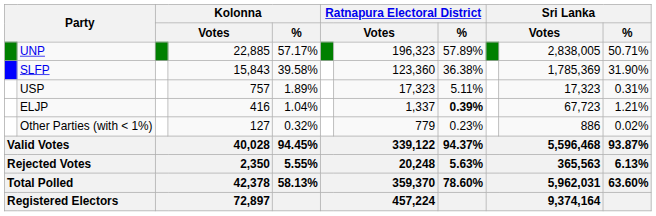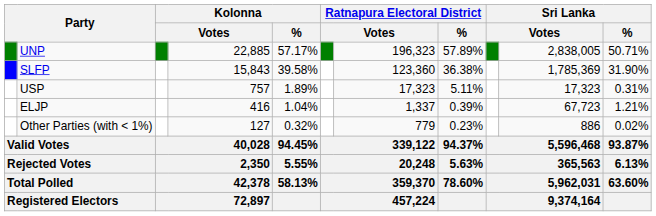 <table class="wikitable">
 <tr>
 <th colspan="2" width="144px"rowspan="2">Party</th>
 <th colspan="3" width="216px">Kolonna</th>
 <th colspan="3" width="216px"><a href='#'>Ratnapura Electoral District</a></th>
 <th colspan="3" width="216px">Sri Lanka</th>
 </tr>
 <tr>
 <th colspan="2" width="144px">Votes</th>
 <th>%</th>
 <th colspan="2" width="144px">Votes</th>
 <th>%</th>
 <th colspan="2" width="144px">Votes</th>
 <th>%</th>
 </tr>
 <tr>
 <td style="background-color:green;" width="10px"></td>
 <td style="text-align:left;"><a href='#'>UNP</a></td>
 <td style="background-color:green;" width="10px"></td>
 <td style="text-align:right;">22,885</td>
 <td style="text-align:right;">57.17%</td>
 <td style="background-color:green;" width="10px"></td>
 <td style="text-align:right;">196,323</td>
 <td style="text-align:right;">57.89%</td>
 <td style="background-color:green;" width="10px"></td>
 <td style="text-align:right;">2,838,005</td>
 <td style="text-align:right;">50.71%</td>
 </tr>
 <tr>
 <td style="background-color:blue;" width="10px"></td>
 <td style="text-align:left;"><a href='#'>SLFP</a></td>
 <td style="background-color:white;" width="10px"></td>
 <td style="text-align:right;">15,843</td>
 <td style="text-align:right;">39.58%</td>
 <td style="background-color:white;" width="10px"></td>
 <td style="text-align:right;">123,360</td>
 <td style="text-align:right;">36.38%</td>
 <td style="background-color:white;" width="10px"></td>
 <td style="text-align:right;">1,785,369</td>
 <td style="text-align:right;">31.90%</td>
 </tr>
 <tr>
 <td style="background-color:white;" width="10px"></td>
 <td style="text-align:left;">USP</td>
 <td style="background-color:white;" width="10px"></td>
 <td style="text-align:right;">757</td>
 <td style="text-align:right;">1.89%</td>
 <td style="background-color:white;" width="10px"></td>
 <td style="text-align:right;">17,323</td>
 <td style="text-align:right;">5.11%</td>
 <td style="background-color:white;" width="10px"></td>
 <td style="text-align:right;">17,323</td>
 <td style="text-align:right;">0.31%</td>
 </tr>
 <tr>
 <td style="background-color:white;" width="10px"></td>
 <td style="text-align:left;">ELJP</td>
 <td style="background-color:white;" width="10px"></td>
 <td style="text-align:right;">416</td>
 <td style="text-align:right;">1.04%</td>
 <td style="background-color:white;" width="10px"></td>
 <td style="text-align:right;">1,337</td>
-<td style="text-align:right;"><strong>0.39%</strong></td>
+<td style="text-align:right;">0.39%</td>
 <td style="background-color:white;" width="10px"></td>
 <td style="text-align:right;">67,723</td>
 <td style="text-align:right;">1.21%</td>
 </tr>
 <tr>
 <td style="background-color:white;" width="10px"></td>
 <td style="text-align:left;">Other Parties (with < 1%)</td>
 <td style="background-color:white;" width="10px"></td>
 <td style="text-align:right;">127</td>
 <td style="text-align:right;">0.32%</td>
 <td style="background-color:white;" width="10px"></td>
 <td style="text-align:right;">779</td>
 <td style="text-align:right;">0.23%</td>
 <td style="background-color:white;" width="10px"></td>
 <td style="text-align:right;">886</td>
 <td style="text-align:right;">0.02%</td>
 </tr>
 <tr>
 <th colspan="2" width="144px"style="text-align:left;">Valid Votes</th>
 <th style="text-align:right;"colspan="2" width="144px">40,028</th>
 <th style="text-align:right;">94.45%</th>
 <th style="text-align:right;"colspan="2" width="144px">339,122</th>
 <th style="text-align:right;">94.37%</th>
 <th style="text-align:right;"colspan="2" width="144px">5,596,468</th>
 <th style="text-align:right;">93.87%</th>
 </tr>
 <tr>
 <th colspan="2" width="144px"style="text-align:left;">Rejected Votes</th>
 <th style="text-align:right;"colspan="2" width="144px">2,350</th>
 <th style="text-align:right;">5.55%</th>
 <th style="text-align:right;"colspan="2" width="144px">20,248</th>
 <th style="text-align:right;">5.63%</th>
 <th style="text-align:right;"colspan="2" width="144px">365,563</th>
 <th style="text-align:right;">6.13%</th>
 </tr>
 <tr>
 <th colspan="2" width="144px"style="text-align:left;">Total Polled</th>
 <th style="text-align:right;"colspan="2" width="144px">42,378</th>
 <th style="text-align:right;">58.13%</th>
 <th style="text-align:right;"colspan="2" width="144px">359,370</th>
 <th style="text-align:right;">78.60%</th>
 <th style="text-align:right;"colspan="2" width="144px">5,962,031</th>
 <th style="text-align:right;">63.60%</th>
 </tr>
 <tr>
 <th colspan="2" width="144px"style="text-align:left;">Registered Electors</th>
 <th style="text-align:right;"colspan="2" width="144px">72,897</th>
 <th></th>
 <th style="text-align:right;"colspan="2" width="144px">457,224</th>
 <th></th>
 <th style="text-align:right;"colspan="2" width="144px">9,374,164</th>
 <th></th>
 </tr>
 </table>
